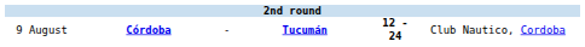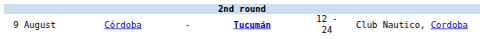 <table border=0 cellspacing=0 cellpadding=0 style="border-collapse: collapse;" width=700>
 <tr bgcolor="#CADFF0">
 <td style="font-size:100%"; align="center" colspan="6"><strong>2nd round</strong></td>
 </tr>
 <tr align=center bgcolor=#FFFFFF>
 <td width=90>9 August</td>
-<td width=170><strong><a href='#'>Córdoba</a></strong></td>
+<td width=170><a href='#'>Córdoba</a></td>
 <td width=20>-</td>
 <td width=170><strong><a href='#'>Tucumán</a></strong></td>
-<td width=50><strong>12 - 24</strong></td>
+<td width=50>12 - 24</td>
 <td width=200>Club Nautico, <a href='#'>Cordoba</a></td>
 </tr>
 </table>
